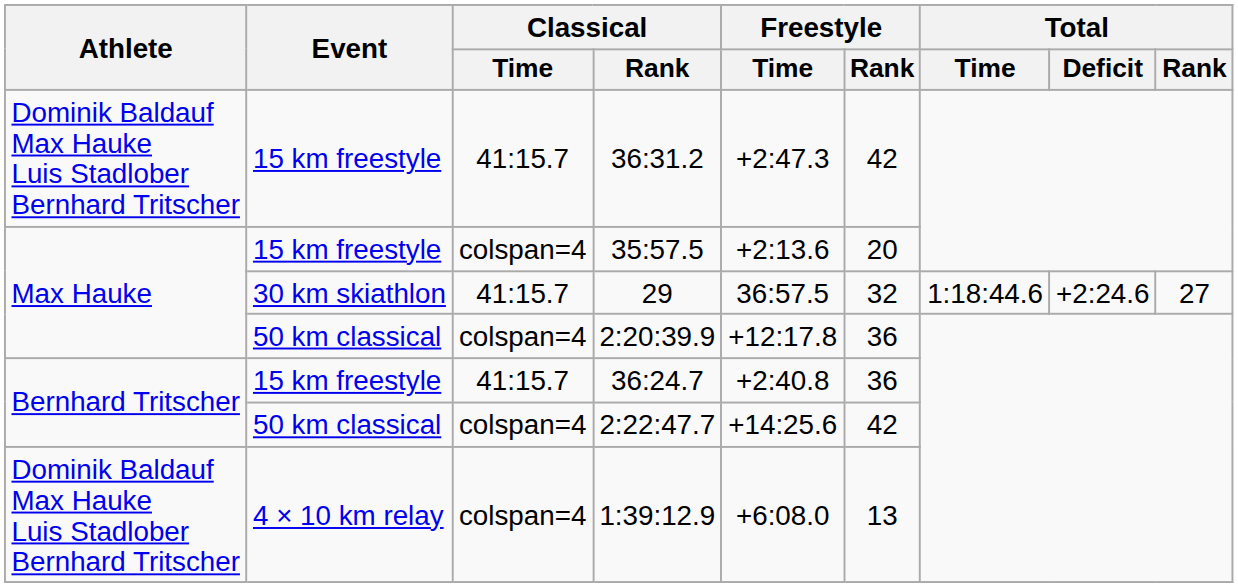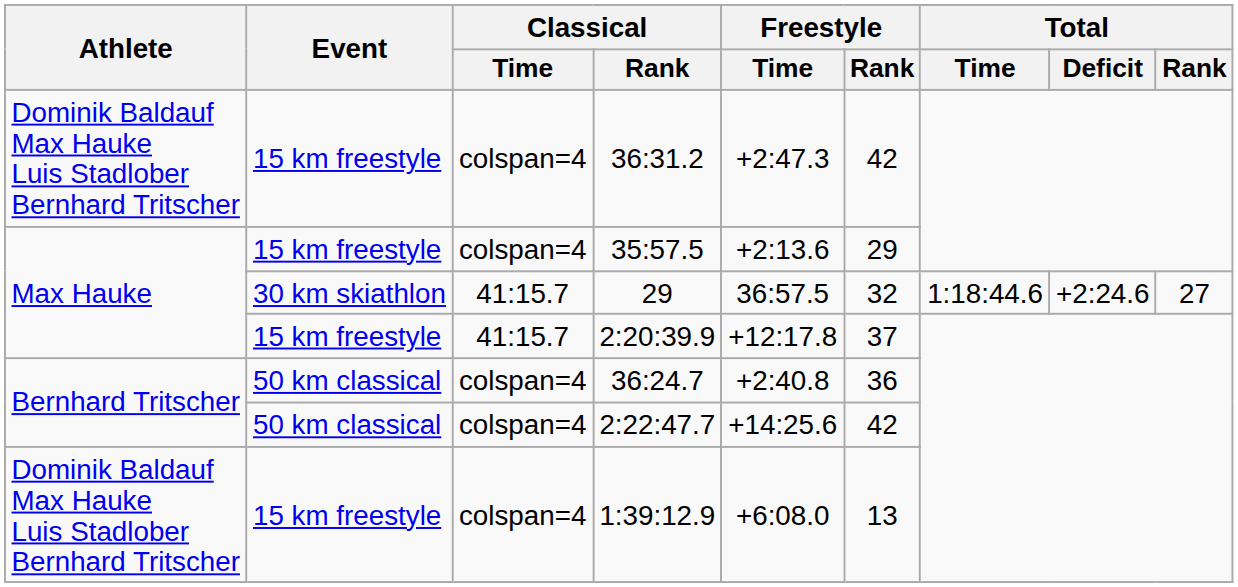 <table class="wikitable" style="font-size:90%">
 <tr>
 <th rowspan=2>Athlete</th>
 <th rowspan=2>Event</th>
 <th colspan=2>Classical</th>
 <th colspan=2>Freestyle</th>
 <th colspan=3>Total</th>
 </tr>
 <tr style="font-size:95%">
 <th>Time</th>
 <th>Rank</th>
 <th>Time</th>
 <th>Rank</th>
 <th>Time</th>
 <th>Deficit</th>
 <th>Rank</th>
 </tr>
 <tr align=center>
 <td align=left><a href='#'>Dominik Baldauf</a><br><a href='#'>Max Hauke</a><br><a href='#'>Luis Stadlober</a><br><a href='#'>Bernhard Tritscher</a></td>
 <td align=left><a href='#'>15 km freestyle</a></td>
-<td>41:15.7</td>
+<td>colspan=4 </td>
 <td>36:31.2</td>
 <td>+2:47.3</td>
 <td>42</td>
 </tr>
 <tr align=center>
 <td align=left rowspan=3><a href='#'>Max Hauke</a></td>
 <td align=left><a href='#'>15 km freestyle</a></td>
 <td>colspan=4 </td>
 <td>35:57.5</td>
 <td>+2:13.6</td>
-<td>20</td>
+<td>29</td>
 </tr>
 <tr align=center>
 <td align=left><a href='#'>30 km skiathlon</a></td>
 <td>41:15.7</td>
 <td>29</td>
 <td>36:57.5</td>
 <td>32</td>
 <td>1:18:44.6</td>
 <td>+2:24.6</td>
 <td>27</td>
 </tr>
 <tr align=center>
-<td align=left><a href='#'>50 km classical</a></td>
-<td>colspan=4 </td>
+<td align=left><a href='#'>15 km freestyle</a></td>
+<td>41:15.7</td>
 <td>2:20:39.9</td>
 <td>+12:17.8</td>
-<td>36</td>
+<td>37</td>
 </tr>
 <tr align=center>
 <td align=left rowspan=2><a href='#'>Bernhard Tritscher</a></td>
-<td align=left><a href='#'>15 km freestyle</a></td>
-<td>41:15.7</td>
+<td align=left><a href='#'>50 km classical</a></td>
+<td>colspan=4 </td>
 <td>36:24.7</td>
 <td>+2:40.8</td>
 <td>36</td>
 </tr>
 <tr align=center>
 <td align=left><a href='#'>50 km classical</a></td>
 <td>colspan=4 </td>
 <td>2:22:47.7</td>
 <td>+14:25.6</td>
 <td>42</td>
 </tr>
 <tr align=center>
 <td align=left><a href='#'>Dominik Baldauf</a><br><a href='#'>Max Hauke</a><br><a href='#'>Luis Stadlober</a><br><a href='#'>Bernhard Tritscher</a></td>
-<td align=left><a href='#'>4 × 10 km relay</a></td>
+<td align=left><a href='#'>15 km freestyle</a></td>
 <td>colspan=4 </td>
 <td>1:39:12.9</td>
 <td>+6:08.0</td>
 <td>13</td>
 </tr>
 </table>
